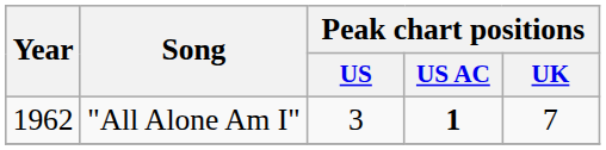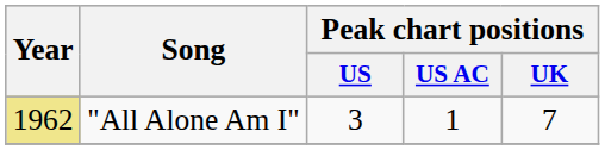 <table class="wikitable" style="text-align:center;">
 <tr>
 <th rowspan="2">Year</th>
 <th rowspan="2">Song</th>
 <th colspan="3">Peak chart positions</th>
 </tr>
 <tr style="font-size:smaller;">
 <th width="45"><a href='#'>US</a><br></th>
 <th width="45"><a href='#'>US AC</a><br></th>
 <th width="45"><a href='#'>UK</a><br></th>
 </tr>
 <tr>
-<td>1962</td>
+<td style="background: khaki;">1962</td>
 <td align="left">"All Alone Am I"</td>
 <td>3</td>
-<td><strong>1</strong></td>
+<td>1</td>
 <td>7</td>
 </tr>
 <tr>
 </tr>
 </table>
